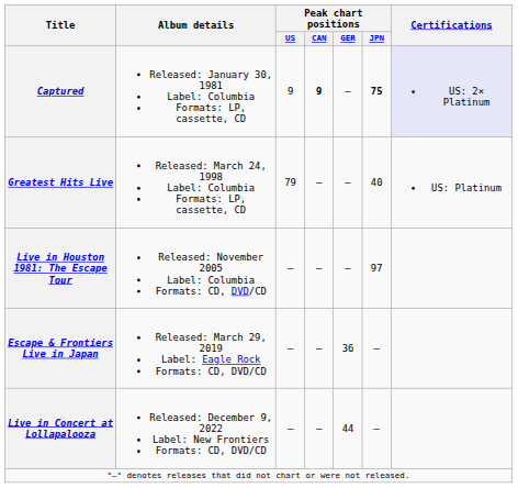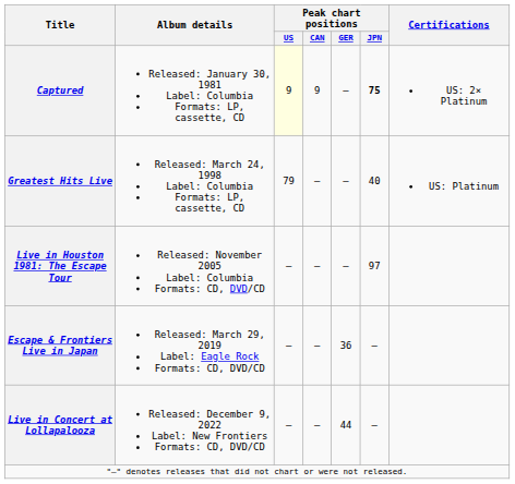 <table class="wikitable plainrowheaders" style="text-align:center;">
 <tr>
 <th scope="col" rowspan="2" style="width:11em;">Title</th>
 <th scope="col" rowspan="2" style="width:16em;">Album details</th>
 <th scope="col" colspan="4">Peak chart positions</th>
 <th scope="col" rowspan="2" style="width:12em;"><a href='#'>Certifications</a></th>
 </tr>
 <tr>
 <th scope="col" style="width:3em;font-size:85%;"><a href='#'>US</a><br></th>
 <th scope="col" style="width:3em;font-size:85%;"><a href='#'>CAN</a><br></th>
 <th scope="col" style="width:3em;font-size:85%;"><a href='#'>GER</a><br></th>
 <th scope="col" style="width:3em;font-size:85%;"><a href='#'>JPN</a><br></th>
 </tr>
 <tr>
 <th scope="row"><em><a href='#'>Captured</a></em></th>
 <td><br><ul><li>Released: January 30, 1981</li><li>Label: Columbia</li><li>Formats: LP, cassette, CD</li></ul></td>
+<td style="background: lightyellow;">9</td>
 <td>9</td>
-<td><strong>9</strong></td>
 <td>—</td>
 <td><strong>75</strong></td>
-<td style="background: lavender;"><br><ul><li>US: 2× Platinum</li></ul></td>
+<td><br><ul><li>US: 2× Platinum</li></ul></td>
 </tr>
 <tr>
 <th scope="row"><em><a href='#'>Greatest Hits Live</a></em></th>
 <td><br><ul><li>Released: March 24, 1998</li><li>Label: Columbia</li><li>Formats: LP, cassette, CD</li></ul></td>
 <td>79</td>
 <td>—</td>
 <td>—</td>
 <td>40</td>
 <td><br><ul><li>US: Platinum</li></ul></td>
 </tr>
 <tr>
 <th scope="row"><em><a href='#'>Live in Houston 1981: The Escape Tour</a></em></th>
 <td><br><ul><li>Released: November 2005</li><li>Label: Columbia</li><li>Formats: CD, <a href='#'>DVD</a>/CD</li></ul></td>
 <td>—</td>
 <td>—</td>
 <td>—</td>
 <td>97</td>
 <td></td>
 </tr>
 <tr>
 <th scope="row"><em><a href='#'>Escape & Frontiers Live in Japan</a></em></th>
 <td><br><ul><li>Released: March 29, 2019</li><li>Label: <a href='#'>Eagle Rock</a></li><li>Formats: CD, DVD/CD</li></ul></td>
 <td>—</td>
 <td>—</td>
 <td>36</td>
 <td>—</td>
 <td></td>
 </tr>
 <tr>
 <th scope="row"><em><a href='#'>Live in Concert at Lollapalooza</a></em></th>
 <td><br><ul><li>Released: December 9, 2022</li><li>Label: New Frontiers</li><li>Formats: CD, DVD/CD</li></ul></td>
 <td>—</td>
 <td>—</td>
 <td>44</td>
 <td>—</td>
 <td></td>
 </tr>
 <tr>
 <td colspan="13" style="font-size:85%; text-align:center;">"—" denotes releases that did not chart or were not released.</td>
 </tr>
 </table>
